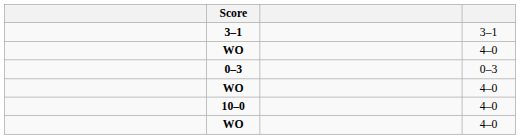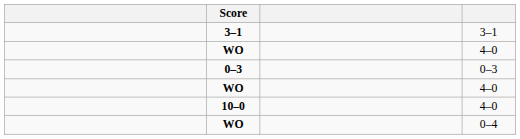 <table class="wikitable" style="text-align: center; ">
 <tr>
 <th align="right" width="270"></th>
 <th width="65">Score</th>
 <th align="left" width="270"></th>
 <th width="65"></th>
 </tr>
 <tr>
 <td align="left"><strong></strong></td>
 <td><strong>3–1</strong></td>
 <td align="left"></td>
 <td>3–1 <strong></strong></td>
 </tr>
 <tr>
 <td align="left"><strong></strong></td>
 <td><strong>WO</strong></td>
 <td align="left"></td>
 <td>4–0 <strong></strong></td>
 </tr>
 <tr>
 <td align="left"></td>
 <td><strong>0–3</strong></td>
 <td align="left"><strong></strong></td>
 <td>0–3 <strong></strong></td>
 </tr>
 <tr>
 <td align="left"></td>
 <td><strong>WO</strong></td>
 <td align="left"><strong></strong></td>
 <td>4–0 <strong></strong></td>
 </tr>
 <tr>
 <td align="left"><strong></strong></td>
 <td><strong>10–0</strong></td>
 <td align="left"></td>
 <td>4–0 <strong></strong></td>
 </tr>
 <tr>
 <td align="left"></td>
 <td><strong>WO</strong></td>
 <td align="left"><strong></strong></td>
-<td>4–0 <strong></strong></td>
+<td>0–4 <strong></strong></td>
 </tr>
 </table>
